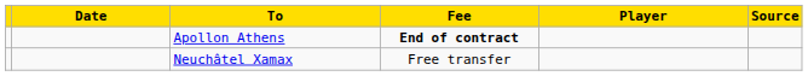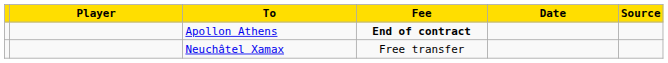 <table class="wikitable sortable">
 <tr>
 <th style="background:#FFDE00"></th>
-<th width=150 style="background:#FFDE00">Date</th>
+<th width=200 style="background:#FFDE00">Player</th>
 <th width=200 style="background:#FFDE00">To</th>
 <th width=150 style="background:#FFDE00">Fee</th>
-<th width=200 style="background:#FFDE00">Player</th>
+<th width=150 style="background:#FFDE00">Date</th>
 <th style="background:#FFDE00">Source</th>
 </tr>
 <tr>
 <td align=center></td>
-<td align=center></td>
+<td></td>
 <td> <a href='#'>Apollon Athens</a></td>
 <td align=center><strong>End of contract</strong></td>
-<td></td>
+<td align=center></td>
 <td align=center></td>
 </tr>
 <tr>
 <td align=center></td>
-<td align=center></td>
+<td></td>
 <td> <a href='#'>Neuchâtel Xamax</a></td>
 <td align=center>Free transfer</td>
-<td></td>
+<td align=center></td>
 <td align=center></td>
 </tr>
 </table>
